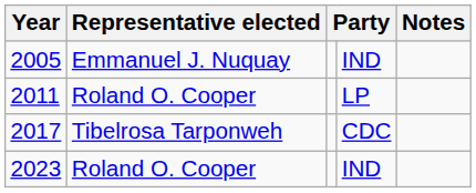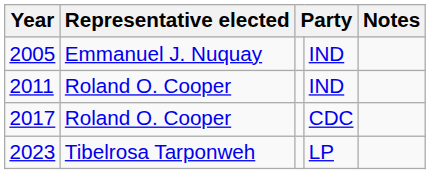 <table class="wikitable">
 <tr>
 <th>Year</th>
 <th>Representative elected</th>
 <th colspan=2>Party</th>
 <th>Notes</th>
 </tr>
 <tr>
 <td><a href='#'>2005</a></td>
 <td><a href='#'>Emmanuel J. Nuquay</a></td>
 <td></td>
 <td><a href='#'>IND</a></td>
 <td></td>
 </tr>
 <tr>
 <td><a href='#'>2011</a></td>
 <td><a href='#'>Roland O. Cooper</a></td>
 <td></td>
-<td><a href='#'>LP</a></td>
+<td><a href='#'>IND</a></td>
 <td></td>
 </tr>
 <tr>
 <td><a href='#'>2017</a></td>
-<td><a href='#'>Tibelrosa Tarponweh</a></td>
+<td><a href='#'>Roland O. Cooper</a></td>
 <td></td>
 <td><a href='#'>CDC</a></td>
 <td></td>
 </tr>
 <tr>
 <td><a href='#'>2023</a></td>
-<td><a href='#'>Roland O. Cooper</a></td>
+<td><a href='#'>Tibelrosa Tarponweh</a></td>
 <td></td>
-<td><a href='#'>IND</a></td>
+<td><a href='#'>LP</a></td>
 <td></td>
 </tr>
 </table>
